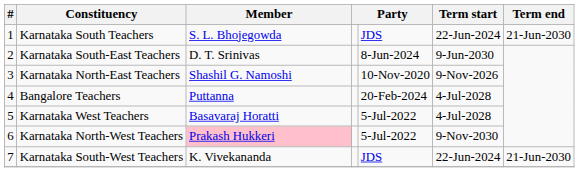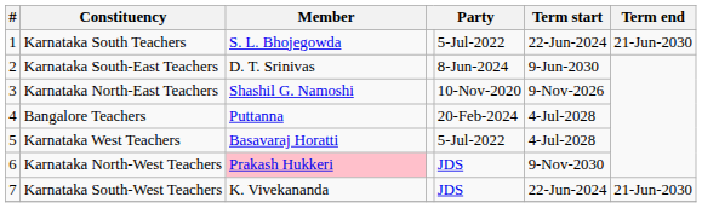 <table class="wikitable sortable">
 <tr>
 <th>#</th>
 <th>Constituency</th>
 <th style="width:200px">Member</th>
 <th colspan="2">Party</th>
 <th>Term start</th>
 <th>Term end</th>
 </tr>
 <tr>
 <td>1</td>
 <td>Karnataka South Teachers</td>
 <td><a href='#'>S. L. Bhojegowda</a></td>
 <td></td>
-<td><a href='#'>JDS</a></td>
+<td>5-Jul-2022</td>
 <td>22-Jun-2024</td>
 <td>21-Jun-2030</td>
 </tr>
 <tr>
 <td>2</td>
 <td>Karnataka South-East Teachers</td>
 <td>D. T. Srinivas</td>
 <td></td>
 <td>8-Jun-2024</td>
 <td>9-Jun-2030</td>
 </tr>
 <tr>
 <td>3</td>
 <td>Karnataka North-East Teachers</td>
 <td><a href='#'>Shashil G. Namoshi</a></td>
 <td></td>
 <td>10-Nov-2020</td>
 <td>9-Nov-2026</td>
 </tr>
 <tr>
 <td>4</td>
 <td>Bangalore Teachers</td>
 <td><a href='#'>Puttanna</a></td>
 <td></td>
 <td>20-Feb-2024</td>
 <td>4-Jul-2028</td>
 </tr>
 <tr>
 <td>5</td>
 <td>Karnataka West Teachers</td>
 <td><a href='#'>Basavaraj Horatti</a></td>
 <td></td>
 <td>5-Jul-2022</td>
 <td>4-Jul-2028</td>
 </tr>
 <tr>
 <td>6</td>
 <td>Karnataka North-West Teachers</td>
 <td style="background: pink;"><a href='#'>Prakash Hukkeri</a></td>
 <td></td>
-<td>5-Jul-2022</td>
+<td><a href='#'>JDS</a></td>
 <td>9-Nov-2030</td>
 </tr>
 <tr>
 <td>7</td>
 <td>Karnataka South-West Teachers</td>
 <td>K. Vivekananda</td>
 <td></td>
 <td><a href='#'>JDS</a></td>
 <td>22-Jun-2024</td>
 <td>21-Jun-2030</td>
 </tr>
 <tr>
 </tr>
 </table>
